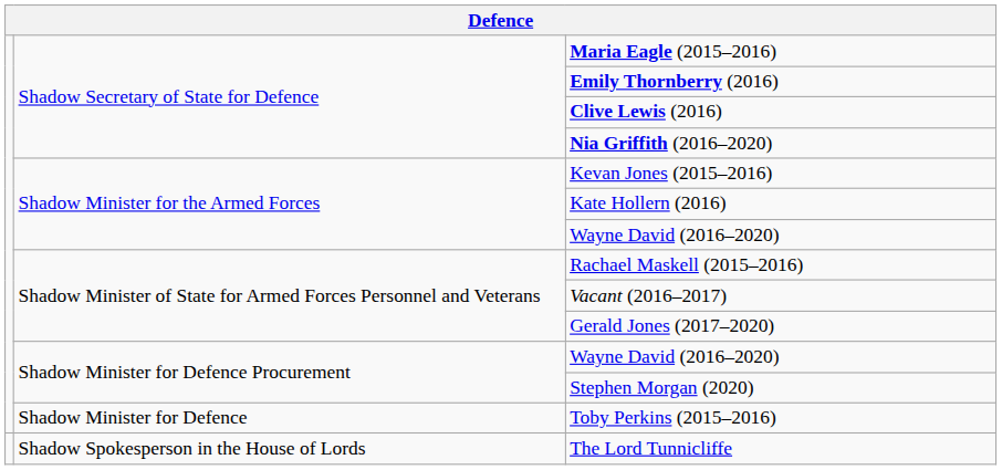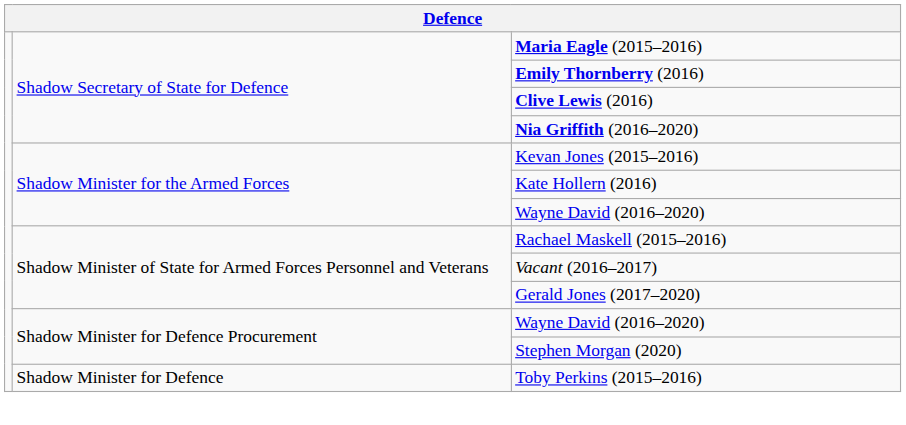 <table class="wikitable">
 <tr>
 <th colspan="3"><a href='#'>Defence</a></th>
 </tr>
 <tr>
 <td rowspan="13" style="background: "></td>
 <td rowspan="4" style="width: 450px;"><a href='#'>Shadow Secretary of State for Defence</a></td>
 <td style="width: 350px;"><strong><a href='#'>Maria Eagle</a></strong> (2015–2016)</td>
 </tr>
 <tr>
 <td><strong><a href='#'>Emily Thornberry</a></strong> (2016)</td>
 </tr>
 <tr>
 <td><a href='#'><strong>Clive Lewis</strong></a> (2016)</td>
 </tr>
 <tr>
 <td><strong><a href='#'>Nia Griffith</a></strong> (2016–2020)</td>
 </tr>
 <tr>
 <td rowspan="3"><a href='#'>Shadow Minister for the Armed Forces</a></td>
 <td><a href='#'>Kevan Jones</a> (2015–2016)</td>
 </tr>
 <tr>
 <td><a href='#'>Kate Hollern</a> (2016)</td>
 </tr>
 <tr>
 <td><a href='#'>Wayne David</a> (2016–2020)</td>
 </tr>
 <tr>
 <td rowspan="3">Shadow Minister of State for Armed Forces Personnel and Veterans</td>
 <td><a href='#'>Rachael Maskell</a> (2015–2016)</td>
 </tr>
 <tr>
 <td><em>Vacant</em> (2016–2017)</td>
 </tr>
 <tr>
 <td><a href='#'>Gerald Jones</a> (2017–2020)</td>
 </tr>
 <tr>
 <td rowspan="2">Shadow Minister for Defence Procurement</td>
 <td><a href='#'>Wayne David</a> (2016–2020)</td>
 </tr>
 <tr>
 <td><a href='#'>Stephen Morgan</a> (2020)</td>
 </tr>
 <tr>
 <td>Shadow Minister for Defence</td>
 <td><a href='#'>Toby Perkins</a> (2015–2016)</td>
 </tr>
-<tr>
-<td style="background: "></td>
-<td>Shadow Spokesperson in the House of Lords</td>
-<td><a href='#'>The Lord Tunnicliffe</a></td>
-</tr>
 </table>
